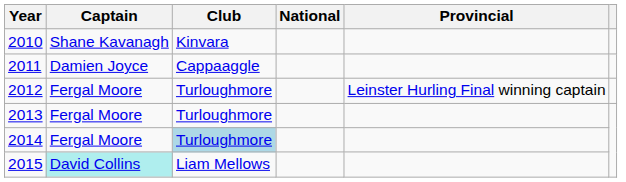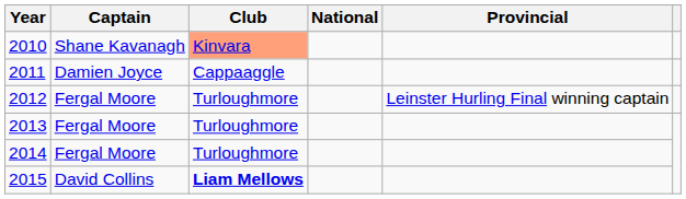 <table class="wikitable" style="text-align: center;">
 <tr>
 <th>Year</th>
 <th>Captain</th>
 <th>Club</th>
 <th>National</th>
 <th>Provincial</th>
 <th></th>
 </tr>
 <tr>
 <td style="text-align:left;"><a href='#'>2010</a></td>
 <td style="text-align:left;"><a href='#'>Shane Kavanagh</a></td>
-<td style="text-align:left;"><a href='#'>Kinvara</a></td>
+<td style="background: lightsalmon; text-align:left;"><a href='#'>Kinvara</a></td>
 <td></td>
 <td></td>
 <td></td>
 </tr>
 <tr>
 <td style="text-align:left;"><a href='#'>2011</a></td>
 <td style="text-align:left;"><a href='#'>Damien Joyce</a></td>
 <td style="text-align:left;"><a href='#'>Cappaaggle</a></td>
 <td></td>
 <td></td>
 <td></td>
 </tr>
 <tr>
 <td style="text-align:left;"><a href='#'>2012</a></td>
 <td style="text-align:left;"><a href='#'>Fergal Moore</a></td>
 <td style="text-align:left;"><a href='#'>Turloughmore</a></td>
 <td></td>
 <td><a href='#'>Leinster Hurling Final</a> winning captain</td>
 <td></td>
 </tr>
 <tr>
 <td style="text-align:left;"><a href='#'>2013</a></td>
 <td style="text-align:left;"><a href='#'>Fergal Moore</a></td>
 <td style="text-align:left;"><a href='#'>Turloughmore</a></td>
 <td></td>
 <td></td>
 </tr>
 <tr>
 <td style="text-align:left;"><a href='#'>2014</a></td>
 <td style="text-align:left;"><a href='#'>Fergal Moore</a></td>
-<td style="background: lightblue; text-align:left;"><a href='#'>Turloughmore</a></td>
+<td style="text-align:left;"><a href='#'>Turloughmore</a></td>
 <td></td>
 <td></td>
 </tr>
 <tr>
 <td style="text-align:left;"><a href='#'>2015</a></td>
-<td style="background: paleturquoise; text-align:left;"><a href='#'>David Collins</a></td>
-<td style="text-align:left;"><a href='#'>Liam Mellows</a></td>
+<td style="text-align:left;"><a href='#'>David Collins</a></td>
+<td style="text-align:left;"><strong><a href='#'>Liam Mellows</a></strong></td>
 <td></td>
 <td></td>
 </tr>
 </table>
